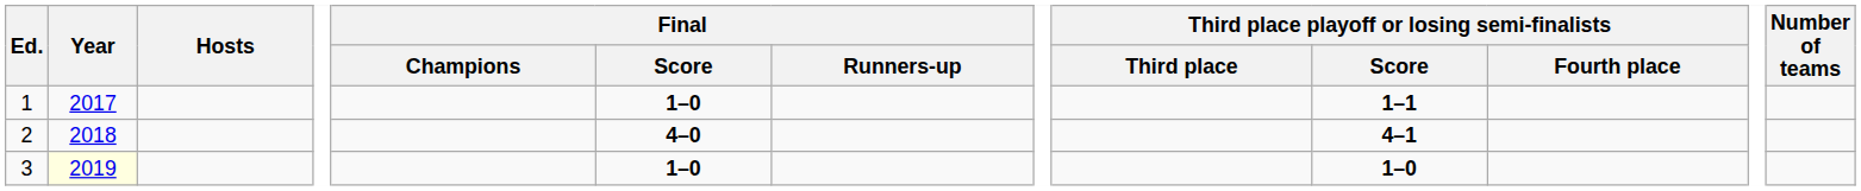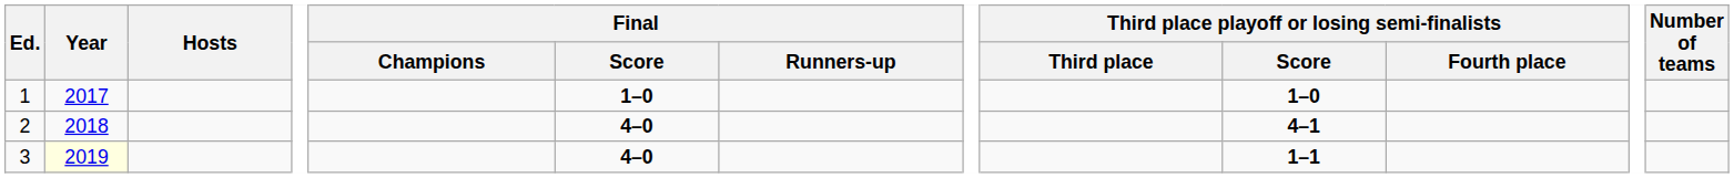 <table class="wikitable sortable" style="font-size:90%; text-align:center; width:100%;">
 <tr>
 <th rowspan="2" style="width:2%;">Ed.</th>
 <th rowspan="2" style="width:5%;">Year</th>
 <th rowspan="2" style="width:10%;">Hosts</th>
 <td width="1%" rowspan=21 style="background-color:#ffffff;border-top-style:hidden; border-bottom-style:hidden;"></td>
 <th colspan=3>Final</th>
 <td width="1%" rowspan=21 style="background-color:#ffffff;border-top-style:hidden; border-bottom-style:hidden;"></td>
 <th colspan=3>Third place playoff or losing semi-finalists</th>
 <td width="1%" rowspan=21 style="background-color:#ffffff;border-top-style:hidden; border-bottom-style:hidden;"></td>
 <th rowspan=2>Number of teams</th>
 </tr>
 <tr>
 <th style="width:15%;">Champions</th>
 <th style="width:10%;">Score</th>
 <th style="width:15%;">Runners-up</th>
 <th style="width:15%;">Third place</th>
 <th style="width:10%;">Score</th>
 <th style="width:15%;">Fourth place</th>
 </tr>
 <tr>
 <td>1</td>
 <td><a href='#'>2017</a></td>
 <td align=left></td>
 <td><strong></strong></td>
 <td><strong>1–0</strong></td>
 <td></td>
 <td></td>
-<td><strong>1–1</strong><br></td>
+<td><strong>1–0</strong></td>
 <td></td>
 <td></td>
 </tr>
 <tr>
 <td>2</td>
 <td><a href='#'>2018</a></td>
 <td align=left></td>
 <td><strong></strong></td>
 <td><strong>4–0</strong></td>
 <td></td>
 <td></td>
 <td><strong>4–1</strong></td>
 <td></td>
 <td></td>
 </tr>
 <tr>
 <td>3</td>
 <td style="background: lightyellow;"><a href='#'>2019</a></td>
 <td align=left></td>
 <td><strong></strong></td>
-<td><strong>1–0</strong></td>
+<td><strong>4–0</strong></td>
 <td></td>
 <td></td>
-<td><strong>1–0</strong></td>
+<td><strong>1–1</strong><br></td>
 <td></td>
 <td></td>
 </tr>
 </table>
